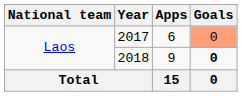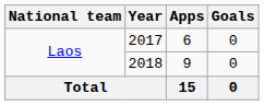 <table class="wikitable" style="text-align:center">
 <tr>
 <th>National team</th>
 <th>Year</th>
 <th>Apps</th>
 <th>Goals</th>
 </tr>
 <tr>
 <td rowspan="2"><a href='#'>Laos</a></td>
 <td>2017</td>
 <td>6</td>
-<td style="background: lightsalmon;">0</td>
+<td>0</td>
 </tr>
 <tr>
 <td>2018</td>
 <td>9</td>
-<td><strong>0</strong></td>
+<td>0</td>
 </tr>
 <tr>
 <th colspan=2>Total</th>
 <th>15</th>
 <th>0</th>
 </tr>
 </table>
